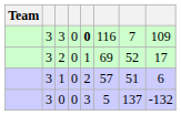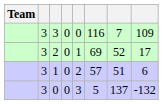 <table class="wikitable" style="text-align: center;">
 <tr>
 <th>Team</th>
 <th></th>
 <th></th>
 <th></th>
 <th></th>
 <th></th>
 <th></th>
 <th></th>
 </tr>
 <tr bgcolor="ccffcc">
 <td align="left"></td>
 <td>3</td>
 <td>3</td>
 <td>0</td>
-<td><strong>0</strong></td>
+<td>0</td>
 <td>116</td>
 <td>7</td>
 <td>109</td>
 </tr>
 <tr bgcolor="ccffcc">
 <td align="left"></td>
 <td>3</td>
 <td>2</td>
 <td>0</td>
 <td>1</td>
 <td>69</td>
 <td>52</td>
 <td>17</td>
 </tr>
 <tr bgcolor="ccccff">
 <td align="left"></td>
 <td>3</td>
 <td>1</td>
 <td>0</td>
 <td>2</td>
 <td>57</td>
 <td>51</td>
 <td>6</td>
 </tr>
 <tr bgcolor="ccccff">
 <td align="left"></td>
 <td>3</td>
 <td>0</td>
 <td>0</td>
 <td>3</td>
 <td>5</td>
 <td>137</td>
 <td>-132</td>
 </tr>
 </table>
